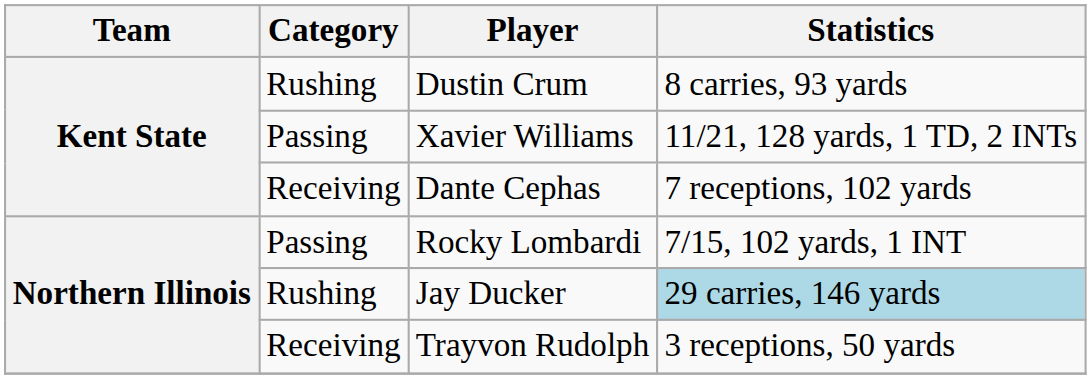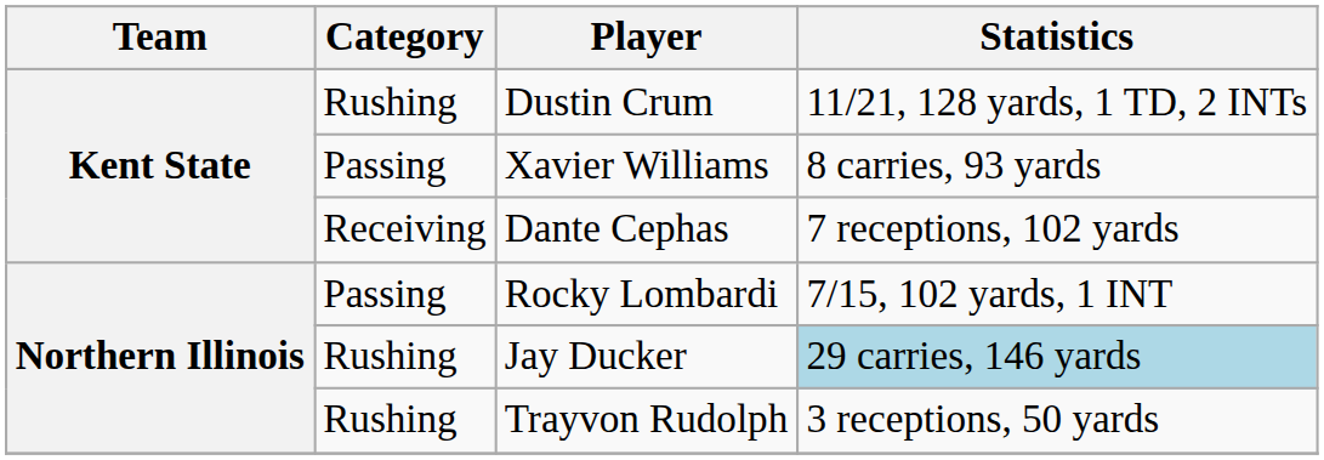 <table class="wikitable" style="float: left;">
 <tr>
 <th>Team</th>
 <th>Category</th>
 <th>Player</th>
 <th>Statistics</th>
 </tr>
 <tr>
 <th rowspan=3>Kent State</th>
 <td>Rushing</td>
 <td>Dustin Crum</td>
-<td>8 carries, 93 yards</td>
+<td>11/21, 128 yards, 1 TD, 2 INTs</td>
 </tr>
 <tr>
 <td>Passing</td>
 <td>Xavier Williams</td>
-<td>11/21, 128 yards, 1 TD, 2 INTs</td>
+<td>8 carries, 93 yards</td>
 </tr>
 <tr>
 <td>Receiving</td>
 <td>Dante Cephas</td>
 <td>7 receptions, 102 yards</td>
 </tr>
 <tr>
 <th rowspan=3 style=>Northern Illinois</th>
 <td>Passing</td>
 <td>Rocky Lombardi</td>
 <td>7/15, 102 yards, 1 INT</td>
 </tr>
 <tr>
 <td>Rushing</td>
 <td>Jay Ducker</td>
 <td style="background: lightblue;">29 carries, 146 yards</td>
 </tr>
 <tr>
-<td>Receiving</td>
+<td>Rushing</td>
 <td>Trayvon Rudolph</td>
 <td>3 receptions, 50 yards</td>
 </tr>
 <tr>
 </tr>
 </table>
